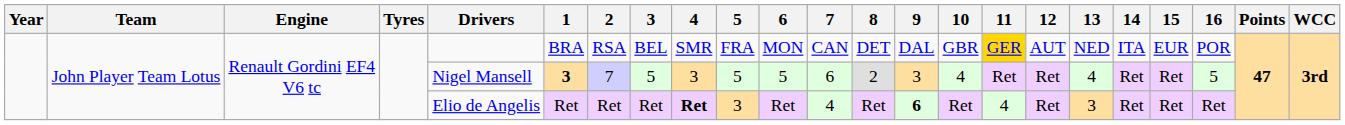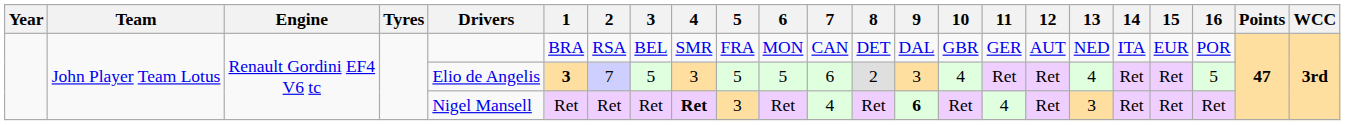 <table class="wikitable" style="text-align:center; font-size:95%">
 <tr>
 <th>Year</th>
 <th>Team</th>
 <th>Engine</th>
 <th>Tyres</th>
 <th>Drivers</th>
 <th>1</th>
 <th>2</th>
 <th>3</th>
 <th>4</th>
 <th>5</th>
 <th>6</th>
 <th>7</th>
 <th>8</th>
 <th>9</th>
 <th>10</th>
 <th>11</th>
 <th>12</th>
 <th>13</th>
 <th>14</th>
 <th>15</th>
 <th>16</th>
 <th>Points</th>
 <th>WCC</th>
 </tr>
 <tr>
 <td rowspan="3"></td>
 <td rowspan="3"><a href='#'>John Player</a> <a href='#'>Team Lotus</a></td>
 <td rowspan="3"><a href='#'>Renault Gordini</a> <a href='#'>EF4</a><br><a href='#'>V6</a> <a href='#'>tc</a></td>
 <td rowspan="3"></td>
 <td></td>
 <td><a href='#'>BRA</a></td>
 <td><a href='#'>RSA</a></td>
 <td><a href='#'>BEL</a></td>
 <td><a href='#'>SMR</a></td>
 <td><a href='#'>FRA</a></td>
 <td><a href='#'>MON</a></td>
 <td><a href='#'>CAN</a></td>
 <td><a href='#'>DET</a></td>
 <td><a href='#'>DAL</a></td>
 <td><a href='#'>GBR</a></td>
-<td style="background: gold;"><a href='#'>GER</a></td>
+<td><a href='#'>GER</a></td>
 <td><a href='#'>AUT</a></td>
 <td><a href='#'>NED</a></td>
 <td><a href='#'>ITA</a></td>
 <td><a href='#'>EUR</a></td>
 <td><a href='#'>POR</a></td>
 <td rowspan="3" style="background:#ffdf9f;"><strong>47</strong></td>
 <td rowspan="3" style="background:#ffdf9f;"><strong>3rd</strong></td>
 </tr>
 <tr>
-<td align="left"><a href='#'>Nigel Mansell</a></td>
+<td align="left"><a href='#'>Elio de Angelis</a></td>
 <td style="background:#ffdf9f;"><strong>3</strong></td>
 <td style="background:#cfcfff;">7</td>
 <td style="background:#dfffdf;">5</td>
 <td style="background:#ffdf9f;">3</td>
 <td style="background:#dfffdf;">5</td>
 <td style="background:#dfffdf;">5</td>
 <td style="background:#dfffdf;">6</td>
 <td style="background:#dfdfdf;">2</td>
 <td style="background:#ffdf9f;">3</td>
 <td style="background:#dfffdf;">4</td>
 <td style="background:#efcfff;">Ret</td>
 <td style="background:#efcfff;">Ret</td>
 <td style="background:#dfffdf;">4</td>
 <td style="background:#efcfff;">Ret</td>
 <td style="background:#efcfff;">Ret</td>
 <td style="background:#dfffdf;">5</td>
 </tr>
 <tr>
-<td align="left"><a href='#'>Elio de Angelis</a></td>
+<td align="left"><a href='#'>Nigel Mansell</a></td>
 <td style="background:#efcfff;">Ret</td>
 <td style="background:#efcfff;">Ret</td>
 <td style="background:#efcfff;">Ret</td>
 <td style="background:#efcfff;"><strong>Ret</strong></td>
 <td style="background:#ffdf9f;">3</td>
 <td style="background:#efcfff;">Ret</td>
 <td style="background:#dfffdf;">4</td>
 <td style="background:#efcfff;">Ret</td>
 <td style="background:#dfffdf;"><strong>6</strong></td>
 <td style="background:#efcfff;">Ret</td>
 <td style="background:#dfffdf;">4</td>
 <td style="background:#efcfff;">Ret</td>
 <td style="background:#ffdf9f;">3</td>
 <td style="background:#efcfff;">Ret</td>
 <td style="background:#efcfff;">Ret</td>
 <td style="background:#efcfff;">Ret</td>
 </tr>
 </table>
